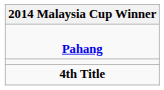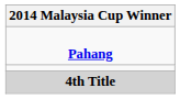 <table class="wikitable" style="text-align: center; margin: 0 auto;">
 <tr>
 <th>2014 Malaysia Cup Winner</th>
 </tr>
 <tr>
 <td><br><a href='#'><strong>Pahang</strong></a></td>
 </tr>
 <tr>
 <td></td>
 </tr>
 <tr>
-<td><strong>4th Title</strong></td>
+<td style="background: lightgrey;"><strong>4th Title</strong></td>
 </tr>
 </table>
